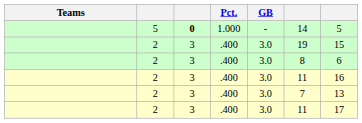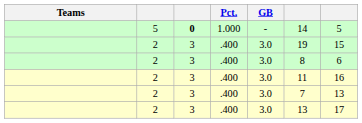 <table class="wikitable" style="text-align:center;">
 <tr>
 <th width=200px>Teams</th>
 <th width=50px></th>
 <th width=50px></th>
 <th width=50px><a href='#'>Pct.</a></th>
 <th width=50px><a href='#'>GB</a></th>
 <th width=50px></th>
 <th width=50px></th>
 </tr>
 <tr style="background-color:#ccffcc">
 <td align=left></td>
 <td>5</td>
 <td><strong>0</strong></td>
 <td>1.000</td>
 <td>-</td>
 <td>14</td>
 <td>5</td>
 </tr>
 <tr style="background-color:#ccffcc">
 <td align="left"></td>
 <td>2</td>
 <td>3</td>
 <td>.400</td>
 <td>3.0</td>
 <td>19</td>
 <td>15</td>
 </tr>
 <tr style="background-color:#ccffcc">
 <td align="left"></td>
 <td>2</td>
 <td>3</td>
 <td>.400</td>
 <td>3.0</td>
 <td>8</td>
 <td>6</td>
 </tr>
 <tr style="background-color:#ffffcc">
 <td align="left"></td>
 <td>2</td>
 <td>3</td>
 <td>.400</td>
 <td>3.0</td>
 <td>11</td>
 <td>16</td>
 </tr>
 <tr style="background-color:#ffffcc">
 <td align="left"></td>
 <td>2</td>
 <td>3</td>
 <td>.400</td>
 <td>3.0</td>
 <td>7</td>
 <td>13</td>
 </tr>
 <tr style="background-color:#ffffcc">
 <td align=left></td>
 <td>2</td>
 <td>3</td>
 <td>.400</td>
 <td>3.0</td>
-<td>11</td>
+<td>13</td>
 <td>17</td>
 </tr>
 </table>
